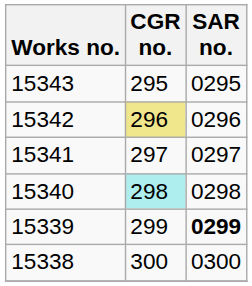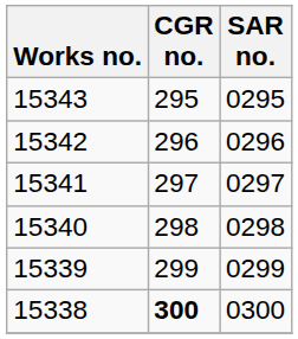 <table class="wikitable collapsible collapsed sortable" style="margin:0.5em auto; font-size:100%;">
 <tr>
 <th><br>Works no.</th>
 <th>CGR<br>no.</th>
 <th>SAR<br>no.</th>
 </tr>
 <tr>
 <td>15343</td>
 <td>295</td>
 <td>0295</td>
 </tr>
 <tr>
 <td>15342</td>
-<td style="background: khaki;">296</td>
+<td>296</td>
 <td>0296</td>
 </tr>
 <tr>
 <td>15341</td>
 <td>297</td>
 <td>0297</td>
 </tr>
 <tr>
 <td>15340</td>
-<td style="background: paleturquoise;">298</td>
+<td>298</td>
 <td>0298</td>
 </tr>
 <tr>
 <td>15339</td>
 <td>299</td>
-<td><strong>0299</strong></td>
+<td>0299</td>
 </tr>
 <tr>
 <td>15338</td>
-<td>300</td>
+<td><strong>300</strong></td>
 <td>0300</td>
 </tr>
 <tr>
 </tr>
 </table>
